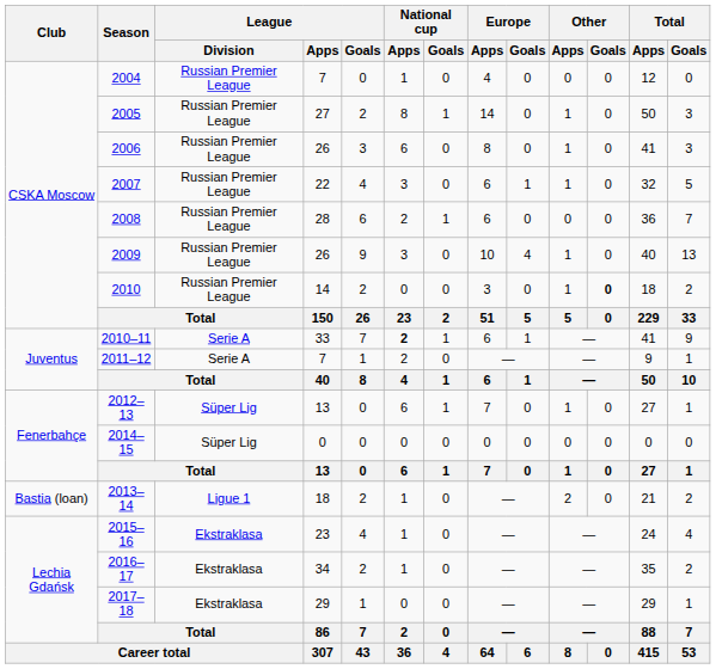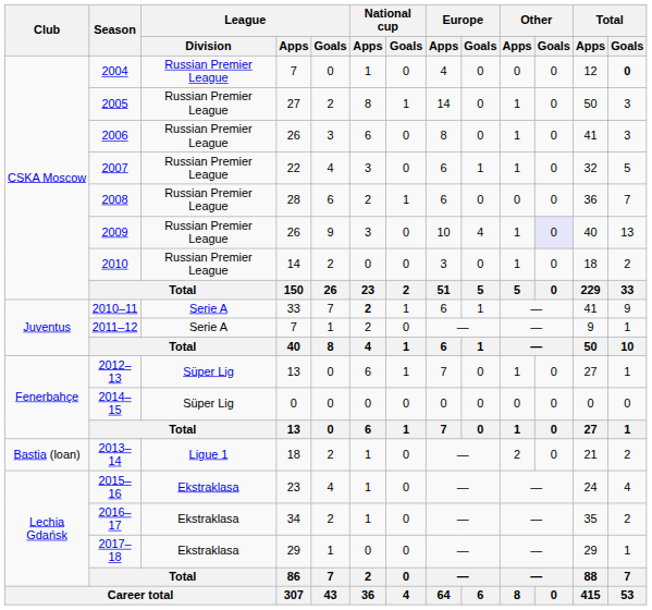 <table class="wikitable" style="text-align:center">
 <tr>
 <th rowspan="2">Club</th>
 <th rowspan="2">Season</th>
 <th colspan="3">League</th>
 <th colspan="2">National cup</th>
 <th colspan="2">Europe</th>
 <th colspan="2">Other</th>
 <th colspan="2">Total</th>
 </tr>
 <tr>
 <th>Division</th>
 <th>Apps</th>
 <th>Goals</th>
 <th>Apps</th>
 <th>Goals</th>
 <th>Apps</th>
 <th>Goals</th>
 <th>Apps</th>
 <th>Goals</th>
 <th>Apps</th>
 <th>Goals</th>
 </tr>
 <tr>
 <td rowspan="8"><a href='#'>CSKA Moscow</a></td>
 <td><a href='#'>2004</a></td>
 <td><a href='#'>Russian Premier League</a></td>
 <td>7</td>
 <td>0</td>
 <td>1</td>
 <td>0</td>
 <td>4</td>
 <td>0</td>
 <td>0</td>
 <td>0</td>
 <td>12</td>
-<td>0</td>
+<td><strong>0</strong></td>
 </tr>
 <tr>
 <td><a href='#'>2005</a></td>
 <td>Russian Premier League</td>
 <td>27</td>
 <td>2</td>
 <td>8</td>
 <td>1</td>
 <td>14</td>
 <td>0</td>
 <td>1</td>
 <td>0</td>
 <td>50</td>
 <td>3</td>
 </tr>
 <tr>
 <td><a href='#'>2006</a></td>
 <td>Russian Premier League</td>
 <td>26</td>
 <td>3</td>
 <td>6</td>
 <td>0</td>
 <td>8</td>
 <td>0</td>
 <td>1</td>
 <td>0</td>
 <td>41</td>
 <td>3</td>
 </tr>
 <tr>
 <td><a href='#'>2007</a></td>
 <td>Russian Premier League</td>
 <td>22</td>
 <td>4</td>
 <td>3</td>
 <td>0</td>
 <td>6</td>
 <td>1</td>
 <td>1</td>
 <td>0</td>
 <td>32</td>
 <td>5</td>
 </tr>
 <tr>
 <td><a href='#'>2008</a></td>
 <td>Russian Premier League</td>
 <td>28</td>
 <td>6</td>
 <td>2</td>
 <td>1</td>
 <td>6</td>
 <td>0</td>
 <td>0</td>
 <td>0</td>
 <td>36</td>
 <td>7</td>
 </tr>
 <tr>
 <td><a href='#'>2009</a></td>
 <td>Russian Premier League</td>
 <td>26</td>
 <td>9</td>
 <td>3</td>
 <td>0</td>
 <td>10</td>
 <td>4</td>
 <td>1</td>
-<td>0</td>
+<td style="background: lavender;">0</td>
 <td>40</td>
 <td>13</td>
 </tr>
 <tr>
 <td><a href='#'>2010</a></td>
 <td>Russian Premier League</td>
 <td>14</td>
 <td>2</td>
 <td>0</td>
 <td>0</td>
 <td>3</td>
 <td>0</td>
 <td>1</td>
-<td><strong>0</strong></td>
+<td>0</td>
 <td>18</td>
 <td>2</td>
 </tr>
 <tr>
 <th colspan="2">Total</th>
 <th>150</th>
 <th>26</th>
 <th>23</th>
 <th>2</th>
 <th>51</th>
 <th>5</th>
 <th>5</th>
 <th>0</th>
 <th>229</th>
 <th>33</th>
 </tr>
 <tr>
 <td rowspan="3"><a href='#'>Juventus</a></td>
 <td><a href='#'>2010–11</a></td>
 <td><a href='#'>Serie A</a></td>
 <td>33</td>
 <td>7</td>
 <td><strong>2</strong></td>
 <td>1</td>
 <td>6</td>
 <td>1</td>
 <td colspan="2">—</td>
 <td>41</td>
 <td>9</td>
 </tr>
 <tr>
 <td><a href='#'>2011–12</a></td>
 <td>Serie A</td>
 <td>7</td>
 <td>1</td>
 <td>2</td>
 <td>0</td>
 <td colspan="2">—</td>
 <td colspan="2">—</td>
 <td>9</td>
 <td>1</td>
 </tr>
 <tr>
 <th colspan="2">Total</th>
 <th>40</th>
 <th>8</th>
 <th>4</th>
 <th>1</th>
 <th>6</th>
 <th>1</th>
 <th colspan="2">—</th>
 <th>50</th>
 <th>10</th>
 </tr>
 <tr>
 <td rowspan="3"><a href='#'>Fenerbahçe</a></td>
 <td><a href='#'>2012–13</a></td>
 <td><a href='#'>Süper Lig</a></td>
 <td>13</td>
 <td>0</td>
 <td>6</td>
 <td>1</td>
 <td>7</td>
 <td>0</td>
 <td>1</td>
 <td>0</td>
 <td>27</td>
 <td>1</td>
 </tr>
 <tr>
 <td><a href='#'>2014–15</a></td>
 <td>Süper Lig</td>
 <td>0</td>
 <td>0</td>
 <td>0</td>
 <td>0</td>
 <td>0</td>
 <td>0</td>
 <td>0</td>
 <td>0</td>
 <td>0</td>
 <td>0</td>
 </tr>
 <tr>
 <th colspan="2">Total</th>
 <th>13</th>
 <th>0</th>
 <th>6</th>
 <th>1</th>
 <th>7</th>
 <th>0</th>
 <th>1</th>
 <th>0</th>
 <th>27</th>
 <th>1</th>
 </tr>
 <tr>
 <td><a href='#'>Bastia</a> (loan)</td>
 <td><a href='#'>2013–14</a></td>
 <td><a href='#'>Ligue 1</a></td>
 <td>18</td>
 <td>2</td>
 <td>1</td>
 <td>0</td>
 <td colspan="2">—</td>
 <td>2</td>
 <td>0</td>
 <td>21</td>
 <td>2</td>
 </tr>
 <tr>
 <td rowspan="4"><a href='#'>Lechia Gdańsk</a></td>
 <td><a href='#'>2015–16</a></td>
 <td><a href='#'>Ekstraklasa</a></td>
 <td>23</td>
 <td>4</td>
 <td>1</td>
 <td>0</td>
 <td colspan="2">—</td>
 <td colspan="2">—</td>
 <td>24</td>
 <td>4</td>
 </tr>
 <tr>
 <td><a href='#'>2016–17</a></td>
 <td>Ekstraklasa</td>
 <td>34</td>
 <td>2</td>
 <td>1</td>
 <td>0</td>
 <td colspan="2">—</td>
 <td colspan="2">—</td>
 <td>35</td>
 <td>2</td>
 </tr>
 <tr>
 <td><a href='#'>2017–18</a></td>
 <td>Ekstraklasa</td>
 <td>29</td>
 <td>1</td>
 <td>0</td>
 <td>0</td>
 <td colspan="2">—</td>
 <td colspan="2">—</td>
 <td>29</td>
 <td>1</td>
 </tr>
 <tr>
 <th colspan="2">Total</th>
 <th>86</th>
 <th>7</th>
 <th>2</th>
 <th>0</th>
 <th colspan="2">—</th>
 <th colspan="2">—</th>
 <th>88</th>
 <th>7</th>
 </tr>
 <tr>
 <th colspan="3">Career total</th>
 <th>307</th>
 <th>43</th>
 <th>36</th>
 <th>4</th>
 <th>64</th>
 <th>6</th>
 <th>8</th>
 <th>0</th>
 <th>415</th>
 <th>53</th>
 </tr>
 </table>
